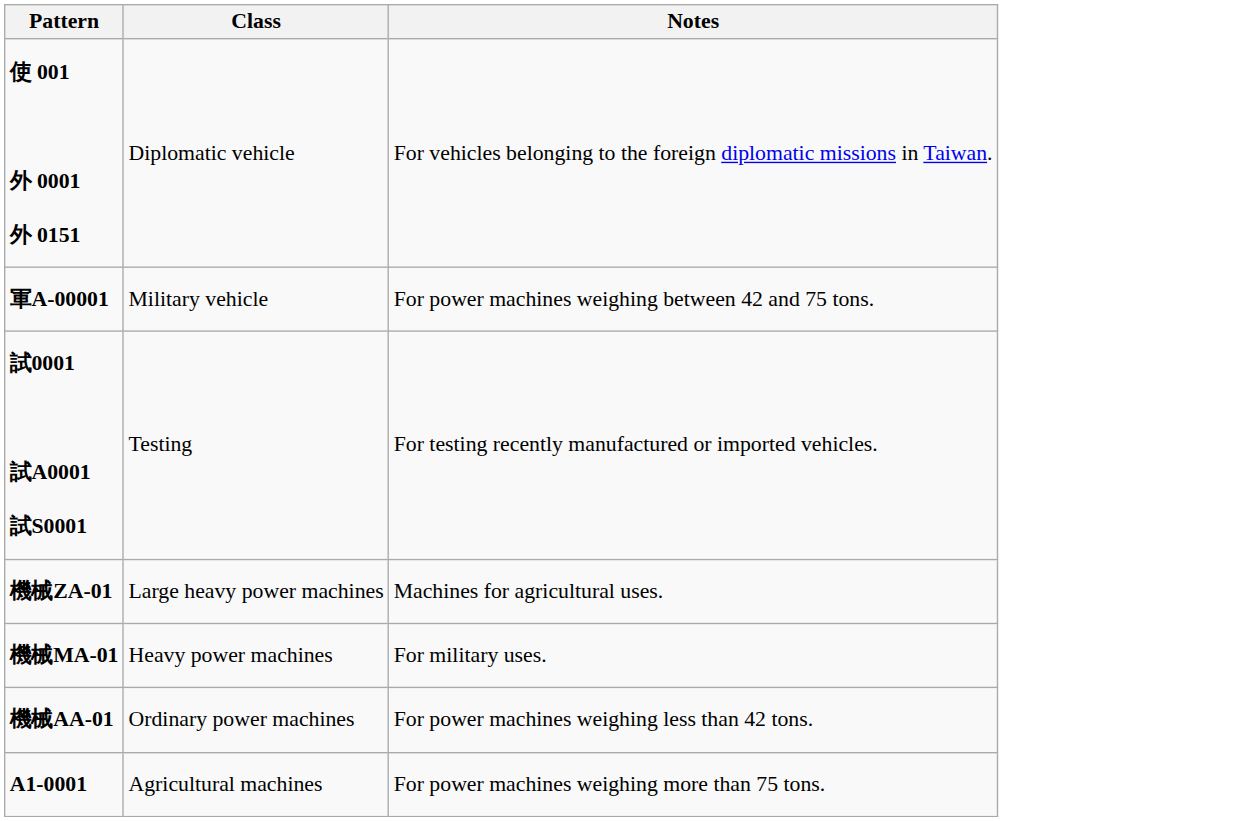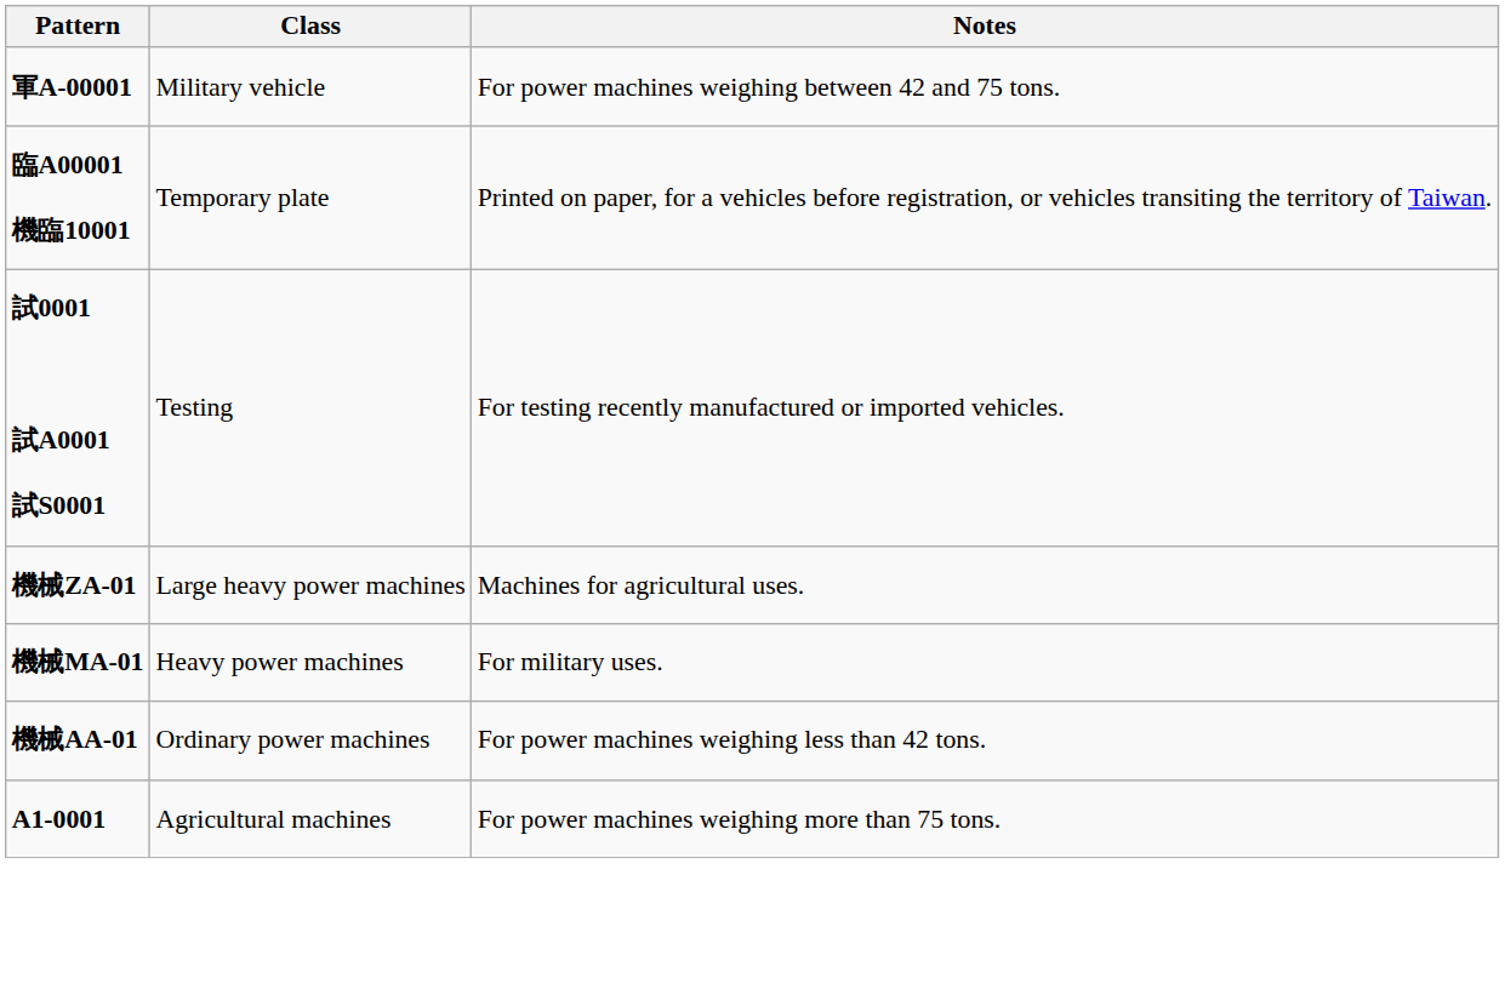 <table class=wikitable>
 <tr>
 <th>Pattern</th>
 <th>Class</th>
 <th>Notes</th>
 </tr>
 <tr>
-<td style="line-height:2.5;"><span><span><strong>使</strong></span> <strong>001</strong></span><br><br><span><span><strong>外</strong></span> <strong>0001</strong></span><br> <span><span><strong>外</strong></span> <strong>0151</strong></span></td>
-<td>Diplomatic vehicle</td>
-<td>For vehicles belonging to the foreign <a href='#'>diplomatic missions</a> in <a href='#'>Taiwan</a>.</td>
-</tr>
-<tr>
 <td style="line-height:2.5;"><span><strong>軍A-00001</strong></span></td>
 <td>Military vehicle</td>
 <td>For power machines weighing between 42 and 75 tons.</td>
+</tr>
+<tr>
+<td style="line-height:2.5;"><span><strong>臨A00001</strong></span><br><span><strong>機臨10001</strong></span></td>
+<td>Temporary plate</td>
+<td>Printed on paper, for a vehicles before registration, or vehicles transiting the territory of <a href='#'>Taiwan</a>.</td>
 </tr>
 <tr>
 <td style="line-height:2.5;"><span><strong>試0001</strong></span><br><br><span><strong>試A0001</strong></span><br> <span><strong>試S0001</strong></span></td>
 <td>Testing</td>
 <td>For testing recently manufactured or imported vehicles.</td>
 </tr>
 <tr>
 <td style="line-height:2.5;"><span><strong>機械ZA-01</strong></span></td>
 <td>Large heavy power machines</td>
 <td>Machines for agricultural uses.</td>
 </tr>
 <tr>
 <td style="line-height:2.5;"><span><strong>機械MA-01</strong></span></td>
 <td>Heavy power machines</td>
 <td>For military uses.</td>
 </tr>
 <tr>
 <td style="line-height:2.5;"><span><strong>機械AA-01</strong></span></td>
 <td>Ordinary power machines</td>
 <td>For power machines weighing less than 42 tons.</td>
 </tr>
 <tr>
 <td style="line-height:2.5;"><span><strong>A1-0001</strong></span></td>
 <td>Agricultural machines</td>
 <td>For power machines weighing more than 75 tons.</td>
 </tr>
 </table>
